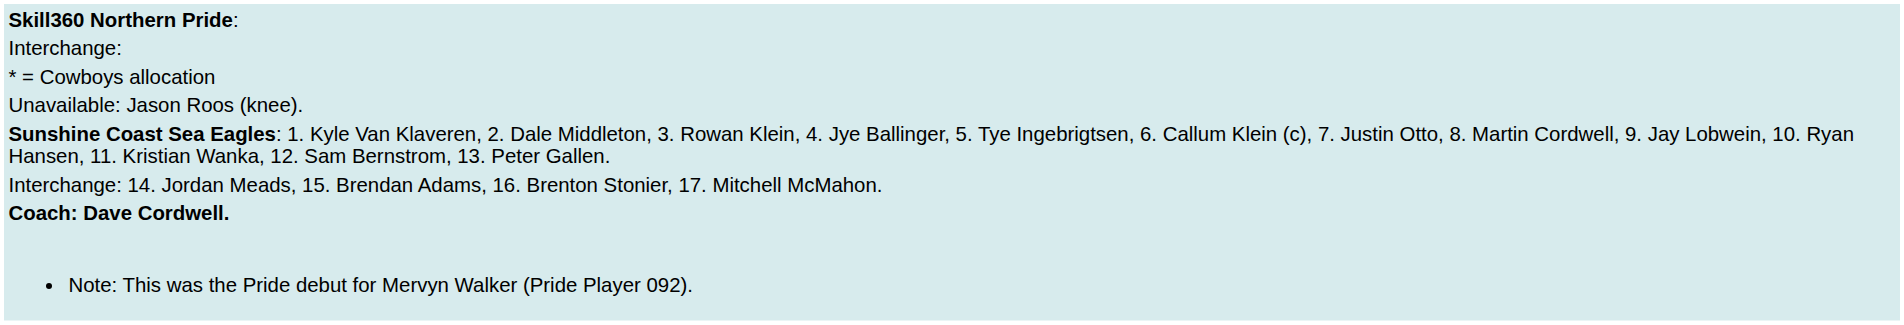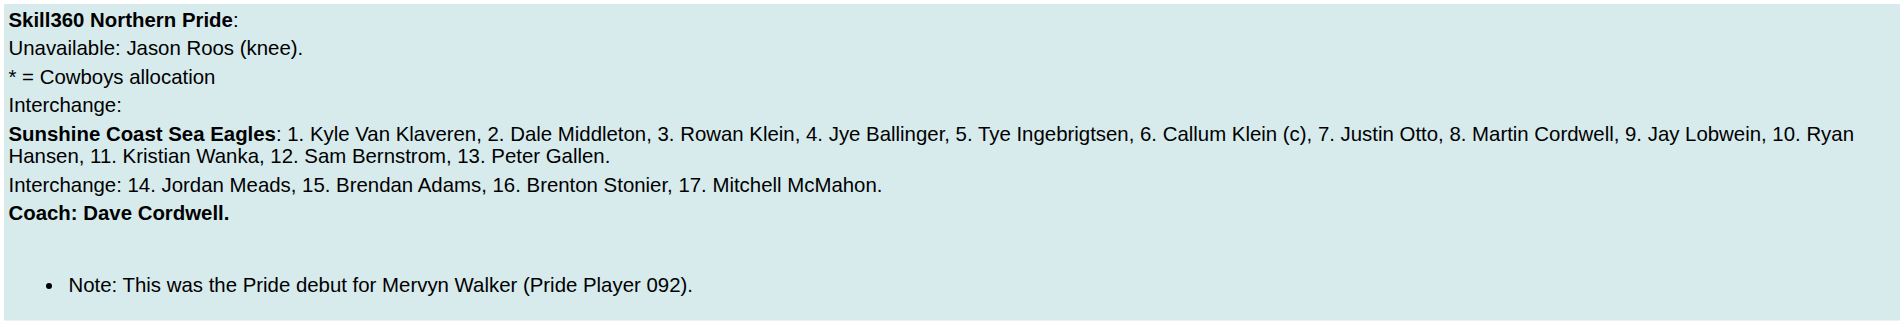 <table style="background:#d7ebed; font-size:85%; width:100%;">
 <tr>
 <td><strong>Skill360 Northern Pride</strong>:             </td>
 </tr>
 <tr>
-<td>Interchange:    </td>
+<td>Unavailable: Jason Roos (knee).</td>
 </tr>
 <tr>
 <td>* = Cowboys allocation</td>
 </tr>
 <tr>
-<td>Unavailable: Jason Roos (knee).</td>
+<td>Interchange:    </td>
 </tr>
 <tr>
 <td><strong>Sunshine Coast Sea Eagles</strong>: 1. Kyle Van Klaveren, 2. Dale Middleton, 3. Rowan Klein, 4. Jye Ballinger, 5. Tye Ingebrigtsen, 6. Callum Klein (c), 7. Justin Otto, 8. Martin Cordwell, 9. Jay Lobwein, 10. Ryan Hansen, 11. Kristian Wanka, 12. Sam Bernstrom, 13. Peter Gallen.</td>
 </tr>
 <tr>
 <td>Interchange: 14. Jordan Meads, 15. Brendan Adams, 16. Brenton Stonier, 17. Mitchell McMahon.</td>
 </tr>
 <tr>
 <td><strong>Coach: Dave Cordwell.</strong></td>
 </tr>
 <tr>
 <td><br><ul><li>Note: This was the Pride debut for Mervyn Walker (Pride Player 092).</li></ul></td>
 </tr>
 </table>
